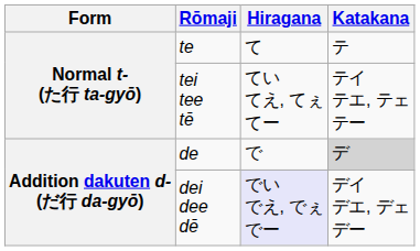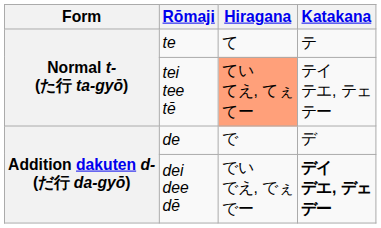 <table class="wikitable">
 <tr>
 <th>Form</th>
 <th><a href='#'>Rōmaji</a></th>
 <th><a href='#'>Hiragana</a></th>
 <th><a href='#'>Katakana</a></th>
 </tr>
 <tr>
 <th rowspan="2">Normal <em>t-</em><br>(た行 <em>ta-gyō</em>)</th>
 <td><em>te</em></td>
 <td>て</td>
 <td>テ</td>
 </tr>
 <tr>
 <td><em>tei</em><br><em>tee</em><br><em>tē</em></td>
-<td>てい<br>てえ, てぇ<br>てー</td>
+<td style="background: lightsalmon;">てい<br>てえ, てぇ<br>てー</td>
 <td>テイ<br>テエ, テェ<br>テー</td>
 </tr>
 <tr>
 <th rowspan="2">Addition <a href='#'>dakuten</a> <em>d-</em><br>(だ行 <em>da-gyō</em>)</th>
 <td><em>de</em></td>
 <td>で</td>
-<td style="background: lightgrey;">デ</td>
+<td>デ</td>
 </tr>
 <tr>
 <td><em>dei</em><br><em>dee</em><br><em>dē</em></td>
-<td style="background: lavender;">でい<br>でえ, でぇ<br>でー</td>
-<td>デイ<br>デエ, デェ<br>デー</td>
+<td>でい<br>でえ, でぇ<br>でー</td>
+<td><strong>デイ<br>デエ, デェ<br>デー</strong></td>
 </tr>
 </table>
